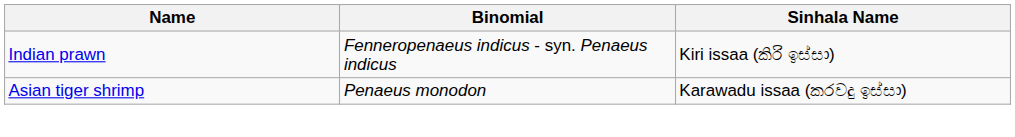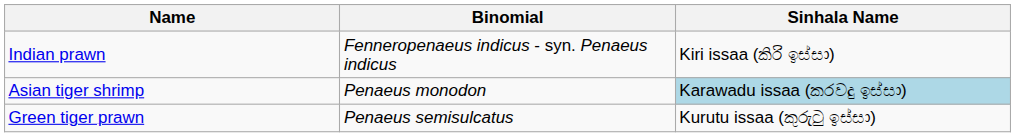 <table width=60% class="wikitable">
 <tr>
 <th width=20%>Name</th>
 <th width=20%>Binomial</th>
 <th width=20%>Sinhala Name</th>
 </tr>
 <tr>
 <td><a href='#'>Indian prawn</a></td>
 <td><em>Fenneropenaeus indicus</em> - syn. <em>Penaeus indicus</em></td>
 <td>Kiri issaa (කිරි ඉස්සා)</td>
 </tr>
 <tr>
 <td><a href='#'>Asian tiger shrimp</a><br></td>
 <td><em>Penaeus monodon</em></td>
-<td>Karawadu issaa (කරවදු ඉස්සා)</td>
+<td style="background: lightblue;">Karawadu issaa (කරවදු ඉස්සා)</td>
+</tr>
+<tr>
+<td><a href='#'>Green tiger prawn</a></td>
+<td><em>Penaeus semisulcatus</em></td>
+<td>Kurutu issaa (කුරු‍ටු ඉස්සා)</td>
 </tr>
 </table>
